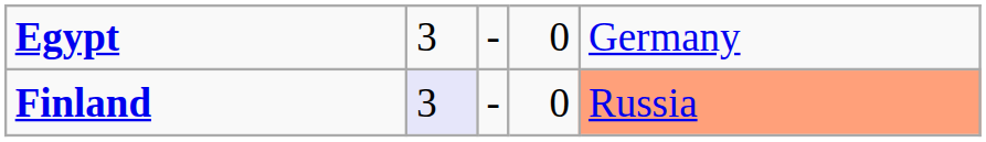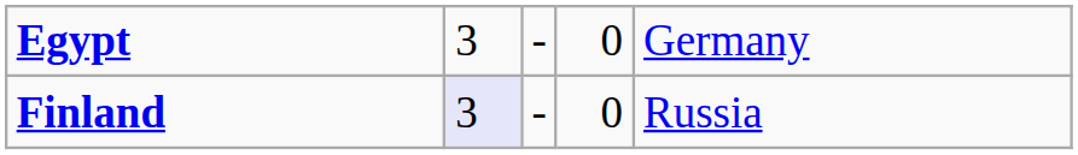 <table class="wikitable">
 <tr>
 <td width=150> <strong><a href='#'>Egypt</a></strong></td>
 <td style="width:20px; text-align:left;">3</td>
 <td>-</td>
 <td style="width:20px; text-align:right;">0</td>
 <td width=150> <a href='#'>Germany</a></td>
 </tr>
 <tr>
 <td> <strong><a href='#'>Finland</a></strong></td>
 <td style="background: lavender; text-align:left;">3</td>
 <td>-</td>
 <td style="text-align:right;">0</td>
-<td style="background: lightsalmon;"> <a href='#'>Russia</a></td>
+<td> <a href='#'>Russia</a></td>
 </tr>
 </table>
